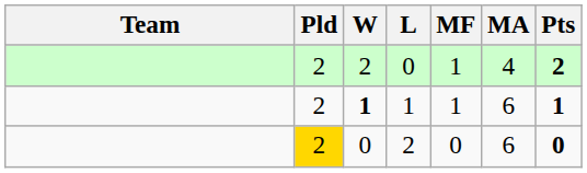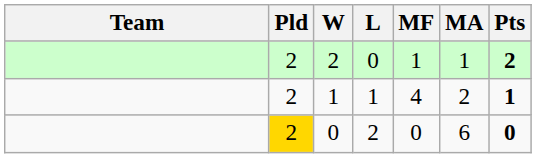 <table class=wikitable style="text-align:center">
 <tr>
 <th width=175>Team</th>
 <th width=20>Pld</th>
 <th width=20>W</th>
 <th width=20>L</th>
 <th width=20>MF</th>
 <th width=20>MA</th>
 <th width=20>Pts</th>
 </tr>
 <tr bgcolor=ccffcc>
 <td style="text-align:left"></td>
 <td>2</td>
 <td>2</td>
 <td>0</td>
 <td>1</td>
-<td>4</td>
+<td>1</td>
 <td><strong>2</strong></td>
 </tr>
 <tr>
 <td style="text-align:left"></td>
 <td>2</td>
-<td><strong>1</strong></td>
 <td>1</td>
 <td>1</td>
-<td>6</td>
+<td>4</td>
+<td>2</td>
 <td><strong>1</strong></td>
 </tr>
 <tr>
 <td style="text-align:left"></td>
 <td style="background: gold;">2</td>
 <td>0</td>
 <td>2</td>
 <td>0</td>
 <td>6</td>
 <td><strong>0</strong></td>
 </tr>
 </table>
